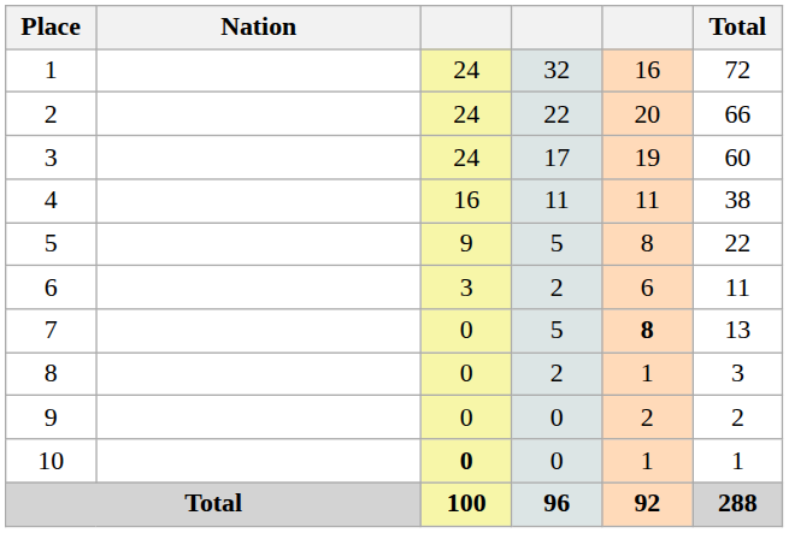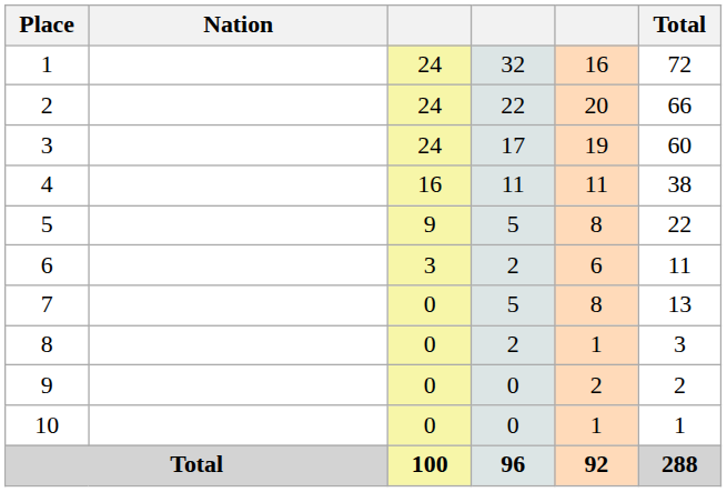 <table class=wikitable style="border:1px solid #AAAAAA;font-size:105%">
 <tr bgcolor="#EFEFEF">
 <th width=50>Place</th>
 <th width=200>Nation</th>
 <th width=50></th>
 <th width=50></th>
 <th width=50></th>
 <th width=50>Total</th>
 </tr>
 <tr align="center" valign="top" bgcolor="#FFFFFF">
 <td>1</td>
 <td align="left"></td>
 <td style="background:#F7F6A8;">24</td>
 <td style="background:#DCE5E5;">32</td>
 <td style="background:#FFDAB9;">16</td>
 <td>72</td>
 </tr>
 <tr align="center" valign="top" bgcolor="#FFFFFF">
 <td>2</td>
 <td align="left"></td>
 <td style="background:#F7F6A8;">24</td>
 <td style="background:#DCE5E5;">22</td>
 <td style="background:#FFDAB9;">20</td>
 <td>66</td>
 </tr>
 <tr align="center" valign="top" bgcolor="#FFFFFF">
 <td>3</td>
 <td align="left"></td>
 <td style="background:#F7F6A8;">24</td>
 <td style="background:#DCE5E5;">17</td>
 <td style="background:#FFDAB9;">19</td>
 <td>60</td>
 </tr>
 <tr align="center" valign="top" bgcolor="#FFFFFF">
 <td>4</td>
 <td align="left"></td>
 <td style="background:#F7F6A8;">16</td>
 <td style="background:#DCE5E5;">11</td>
 <td style="background:#FFDAB9;">11</td>
 <td>38</td>
 </tr>
 <tr align="center" valign="top" bgcolor="#FFFFFF">
 <td>5</td>
 <td align="left"></td>
 <td style="background:#F7F6A8;">9</td>
 <td style="background:#DCE5E5;">5</td>
 <td style="background:#FFDAB9;">8</td>
 <td>22</td>
 </tr>
 <tr align="center" valign="top" bgcolor="#FFFFFF">
 <td>6</td>
 <td align="left"></td>
 <td style="background:#F7F6A8;">3</td>
 <td style="background:#DCE5E5;">2</td>
 <td style="background:#FFDAB9;">6</td>
 <td>11</td>
 </tr>
 <tr align="center" valign="top" bgcolor="#FFFFFF">
 <td>7</td>
 <td align="left"></td>
 <td style="background:#F7F6A8;">0</td>
 <td style="background:#DCE5E5;">5</td>
-<td style="background:#FFDAB9;"><strong>8</strong></td>
+<td style="background:#FFDAB9;">8</td>
 <td>13</td>
 </tr>
 <tr align="center" valign="top" bgcolor="#FFFFFF">
 <td>8</td>
 <td align="left"></td>
 <td style="background:#F7F6A8;">0</td>
 <td style="background:#DCE5E5;">2</td>
 <td style="background:#FFDAB9;">1</td>
 <td>3</td>
 </tr>
 <tr align="center" valign="top" bgcolor="#FFFFFF">
 <td>9</td>
 <td align="left"></td>
 <td style="background:#F7F6A8;">0</td>
 <td style="background:#DCE5E5;">0</td>
 <td style="background:#FFDAB9;">2</td>
 <td>2</td>
 </tr>
 <tr align="center" valign="top" bgcolor="#FFFFFF">
 <td>10</td>
 <td align="left"></td>
-<td style="background:#F7F6A8;"><strong>0</strong></td>
+<td style="background:#F7F6A8;">0</td>
 <td style="background:#DCE5E5;">0</td>
 <td style="background:#FFDAB9;">1</td>
 <td>1</td>
 </tr>
 <tr align="center">
 <td colspan="2" bgcolor=D3D3D3><strong>Total</strong></td>
 <td style="background:#F7F6A8;"><strong>100</strong></td>
 <td style="background:#DCE5E5;"><strong>96</strong></td>
 <td style="background:#FFDAB9;"><strong>92</strong></td>
 <td bgcolor=D3D3D3><strong>288</strong></td>
 </tr>
 </table>
